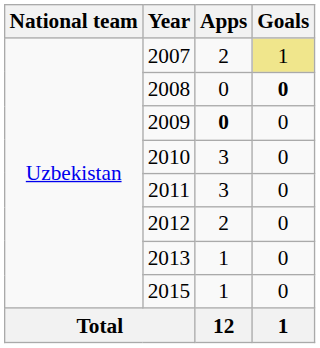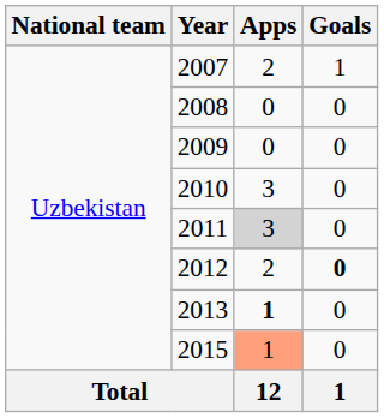 <table class="wikitable" style="text-align:center">
 <tr>
 <th>National team</th>
 <th>Year</th>
 <th>Apps</th>
 <th>Goals</th>
 </tr>
 <tr>
 <td rowspan="8"><a href='#'>Uzbekistan</a></td>
 <td>2007</td>
 <td>2</td>
-<td style="background: khaki;">1</td>
+<td>1</td>
 </tr>
 <tr>
 <td>2008</td>
 <td>0</td>
-<td><strong>0</strong></td>
+<td>0</td>
 </tr>
 <tr>
 <td>2009</td>
-<td><strong>0</strong></td>
+<td>0</td>
 <td>0</td>
 </tr>
 <tr>
 <td>2010</td>
 <td>3</td>
 <td>0</td>
 </tr>
 <tr>
 <td>2011</td>
-<td>3</td>
+<td style="background: lightgrey;">3</td>
 <td>0</td>
 </tr>
 <tr>
 <td>2012</td>
 <td>2</td>
-<td>0</td>
+<td><strong>0</strong></td>
 </tr>
 <tr>
 <td>2013</td>
-<td>1</td>
+<td><strong>1</strong></td>
 <td>0</td>
 </tr>
 <tr>
 <td>2015</td>
-<td>1</td>
+<td style="background: lightsalmon;">1</td>
 <td>0</td>
 </tr>
 <tr>
 <th colspan="2">Total</th>
 <th>12</th>
 <th>1</th>
 </tr>
 </table>
